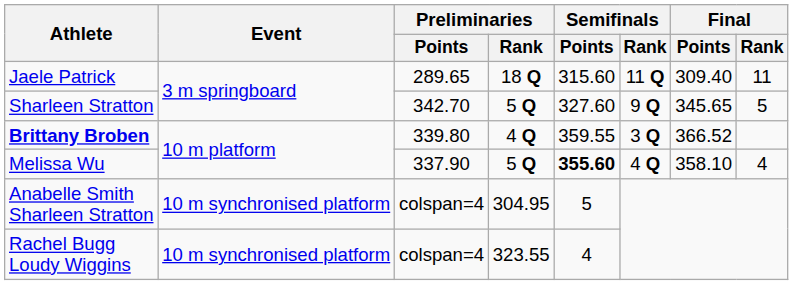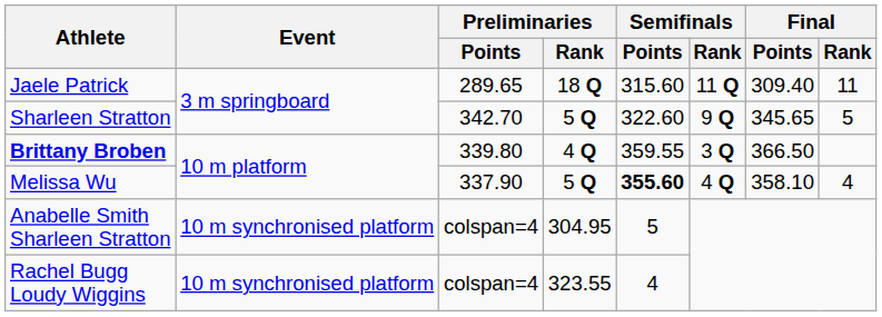 <table class=wikitable style="font-size:90%">
 <tr>
 <th rowspan=2>Athlete</th>
 <th rowspan=2>Event</th>
 <th colspan="2">Preliminaries</th>
 <th colspan="2">Semifinals</th>
 <th colspan="2">Final</th>
 </tr>
 <tr style="font-size:95%">
 <th>Points</th>
 <th>Rank</th>
 <th>Points</th>
 <th>Rank</th>
 <th>Points</th>
 <th>Rank</th>
 </tr>
 <tr align=center>
 <td align=left><a href='#'>Jaele Patrick</a></td>
 <td rowspan=2 align=left><a href='#'>3 m springboard</a></td>
 <td>289.65</td>
 <td>18 <strong>Q</strong></td>
 <td>315.60</td>
 <td>11 <strong>Q</strong></td>
 <td>309.40</td>
 <td>11</td>
 </tr>
 <tr align=center>
 <td align=left><a href='#'>Sharleen Stratton</a></td>
 <td>342.70</td>
 <td>5 <strong>Q</strong></td>
-<td>327.60</td>
+<td>322.60</td>
 <td>9 <strong>Q</strong></td>
 <td>345.65</td>
 <td>5</td>
 </tr>
 <tr align=center>
 <td align=left><strong><a href='#'>Brittany Broben</a></strong></td>
 <td rowspan=2 align=left><a href='#'>10 m platform</a></td>
 <td>339.80</td>
 <td>4 <strong>Q</strong></td>
 <td>359.55</td>
 <td>3 <strong>Q</strong></td>
-<td>366.52</td>
+<td>366.50</td>
 <td></td>
 </tr>
 <tr align=center>
 <td align=left><a href='#'>Melissa Wu</a></td>
 <td>337.90</td>
 <td>5 <strong>Q</strong></td>
 <td><strong>355.60</strong></td>
 <td>4 <strong>Q</strong></td>
 <td>358.10</td>
 <td>4</td>
 </tr>
 <tr align=center>
 <td align=left><a href='#'>Anabelle Smith</a><br><a href='#'>Sharleen Stratton</a></td>
 <td align=left><a href='#'>10 m synchronised platform</a></td>
 <td>colspan=4 </td>
 <td>304.95</td>
 <td>5</td>
 </tr>
 <tr align=center>
 <td align=left><a href='#'>Rachel Bugg</a><br><a href='#'>Loudy Wiggins</a></td>
 <td align=left><a href='#'>10 m synchronised platform</a></td>
 <td>colspan=4 </td>
 <td>323.55</td>
 <td>4</td>
 </tr>
 </table>
